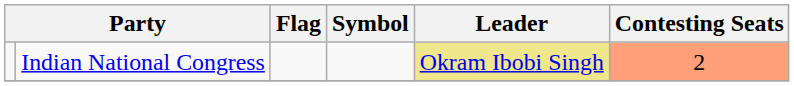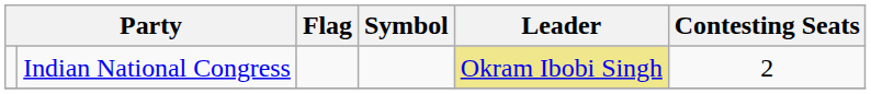 <table class="wikitable" style="text-align:center">
 <tr>
 <th colspan="2">Party</th>
 <th>Flag</th>
 <th>Symbol</th>
 <th>Leader</th>
 <th>Contesting Seats</th>
 </tr>
 <tr>
 <td></td>
 <td><a href='#'>Indian National Congress</a></td>
 <td></td>
 <td></td>
 <td style="background: khaki;"><a href='#'>Okram Ibobi Singh</a></td>
-<td style="background: lightsalmon;">2</td>
+<td>2</td>
 </tr>
 <tr>
 </tr>
 </table>
